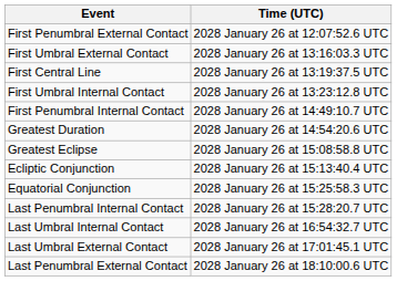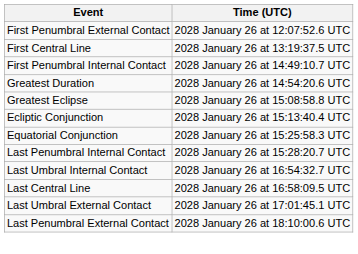 <table class="wikitable">
 <tr>
 <th>Event</th>
 <th>Time (UTC)</th>
 </tr>
 <tr>
 <td>First Penumbral External Contact</td>
 <td>2028 January 26 at 12:07:52.6 UTC</td>
 </tr>
 <tr>
-<td>First Umbral External Contact</td>
-<td>2028 January 26 at 13:16:03.3 UTC</td>
-</tr>
-<tr>
 <td>First Central Line</td>
 <td>2028 January 26 at 13:19:37.5 UTC</td>
-</tr>
-<tr>
-<td>First Umbral Internal Contact</td>
-<td>2028 January 26 at 13:23:12.8 UTC</td>
 </tr>
 <tr>
 <td>First Penumbral Internal Contact</td>
 <td>2028 January 26 at 14:49:10.7 UTC</td>
 </tr>
 <tr>
 <td>Greatest Duration</td>
 <td>2028 January 26 at 14:54:20.6 UTC</td>
 </tr>
 <tr>
 <td>Greatest Eclipse</td>
 <td>2028 January 26 at 15:08:58.8 UTC</td>
 </tr>
 <tr>
 <td>Ecliptic Conjunction</td>
 <td>2028 January 26 at 15:13:40.4 UTC</td>
 </tr>
 <tr>
 <td>Equatorial Conjunction</td>
 <td>2028 January 26 at 15:25:58.3 UTC</td>
 </tr>
 <tr>
 <td>Last Penumbral Internal Contact</td>
 <td>2028 January 26 at 15:28:20.7 UTC</td>
 </tr>
 <tr>
 <td>Last Umbral Internal Contact</td>
 <td>2028 January 26 at 16:54:32.7 UTC</td>
 </tr>
 <tr>
+<td>Last Central Line</td>
+<td>2028 January 26 at 16:58:09.5 UTC</td>
+</tr>
+<tr>
 <td>Last Umbral External Contact</td>
 <td>2028 January 26 at 17:01:45.1 UTC</td>
 </tr>
 <tr>
 <td>Last Penumbral External Contact</td>
 <td>2028 January 26 at 18:10:00.6 UTC</td>
 </tr>
 </table>
